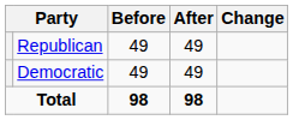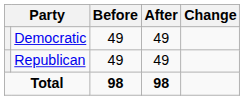 <table class="wikitable" style="text-align:center;">
 <tr>
 <th colspan="2">Party</th>
 <th>Before</th>
 <th>After</th>
 <th>Change</th>
 </tr>
 <tr>
 <th style="background-color:"></th>
-<td style="text-align:left;"><a href='#'>Republican</a></td>
+<td style="text-align:left;"><a href='#'>Democratic</a></td>
 <td>49</td>
 <td>49</td>
 <td></td>
 </tr>
 <tr>
 <th style="background-color:"></th>
-<td style="text-align:left;"><a href='#'>Democratic</a></td>
+<td style="text-align:left;"><a href='#'>Republican</a></td>
 <td>49</td>
 <td>49</td>
 <td></td>
 </tr>
 <tr>
 <td colspan="2"><strong>Total</strong></td>
 <td><strong>98</strong></td>
 <td><strong>98</strong></td>
 <td></td>
 </tr>
 </table>
